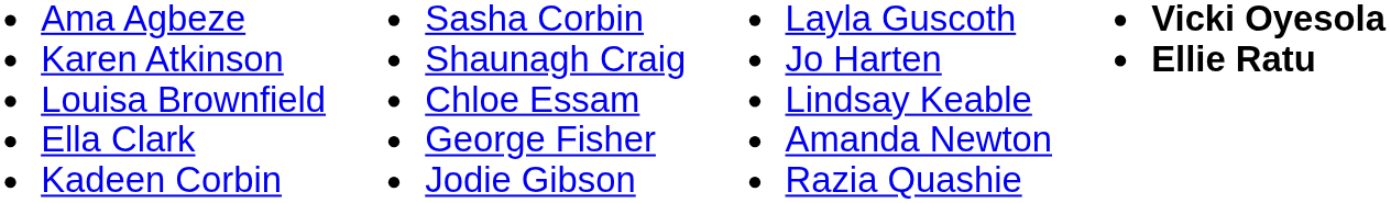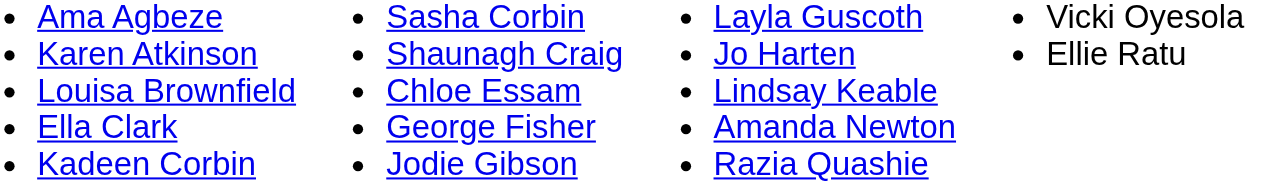 <table>
 <tr>
 <td colspan="3"><strong></strong></td>
 <td></td>
 </tr>
 <tr style="vertical-align:top">
 <td><br><ul><li><a href='#'>Ama Agbeze</a></li><li><a href='#'>Karen Atkinson</a></li><li><a href='#'>Louisa Brownfield</a></li><li><a href='#'>Ella Clark</a></li><li><a href='#'>Kadeen Corbin</a></li></ul></td>
 <td><br><ul><li><a href='#'>Sasha Corbin</a></li><li><a href='#'>Shaunagh Craig</a></li><li><a href='#'>Chloe Essam</a></li><li><a href='#'>George Fisher</a></li><li><a href='#'>Jodie Gibson</a></li></ul></td>
 <td><br><ul><li><a href='#'>Layla Guscoth</a></li><li><a href='#'>Jo Harten</a></li><li><a href='#'>Lindsay Keable</a></li><li><a href='#'>Amanda Newton</a></li><li><a href='#'>Razia Quashie</a></li></ul></td>
-<td><strong><br><ul><li>Vicki Oyesola</li><li>Ellie Ratu</li></ul></strong></td>
+<td><br><ul><li>Vicki Oyesola</li><li>Ellie Ratu</li></ul></td>
 </tr>
 </table>
